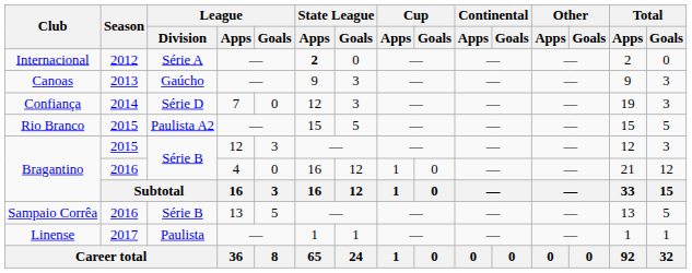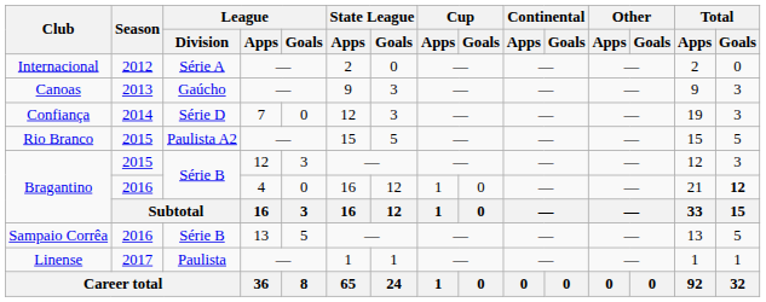 <table class="wikitable" style="text-align: center;">
 <tr>
 <th rowspan="2">Club</th>
 <th rowspan="2">Season</th>
 <th colspan="3">League</th>
 <th colspan="2">State League</th>
 <th colspan="2">Cup</th>
 <th colspan="2">Continental</th>
 <th colspan="2">Other</th>
 <th colspan="2">Total</th>
 </tr>
 <tr>
 <th>Division</th>
 <th>Apps</th>
 <th>Goals</th>
 <th>Apps</th>
 <th>Goals</th>
 <th>Apps</th>
 <th>Goals</th>
 <th>Apps</th>
 <th>Goals</th>
 <th>Apps</th>
 <th>Goals</th>
 <th>Apps</th>
 <th>Goals</th>
 </tr>
 <tr>
 <td align="center"><a href='#'>Internacional</a></td>
 <td><a href='#'>2012</a></td>
 <td><a href='#'>Série A</a></td>
 <td colspan="2">—</td>
-<td><strong>2</strong></td>
+<td>2</td>
 <td>0</td>
 <td colspan="2">—</td>
 <td colspan="2">—</td>
 <td colspan="2">—</td>
 <td>2</td>
 <td>0</td>
 </tr>
 <tr>
 <td align="center"><a href='#'>Canoas</a></td>
 <td><a href='#'>2013</a></td>
 <td><a href='#'>Gaúcho</a></td>
 <td colspan="2">—</td>
 <td>9</td>
 <td>3</td>
 <td colspan="2">—</td>
 <td colspan="2">—</td>
 <td colspan="2">—</td>
 <td>9</td>
 <td>3</td>
 </tr>
 <tr>
 <td align="center"><a href='#'>Confiança</a></td>
 <td><a href='#'>2014</a></td>
 <td><a href='#'>Série D</a></td>
 <td>7</td>
 <td>0</td>
 <td>12</td>
 <td>3</td>
 <td colspan="2">—</td>
 <td colspan="2">—</td>
 <td colspan="2">—</td>
 <td>19</td>
 <td>3</td>
 </tr>
 <tr>
 <td align="center"><a href='#'>Rio Branco</a></td>
 <td><a href='#'>2015</a></td>
 <td><a href='#'>Paulista A2</a></td>
 <td colspan="2">—</td>
 <td>15</td>
 <td>5</td>
 <td colspan="2">—</td>
 <td colspan="2">—</td>
 <td colspan="2">—</td>
 <td>15</td>
 <td>5</td>
 </tr>
 <tr>
 <td rowspan=3 align="center"><a href='#'>Bragantino</a></td>
 <td><a href='#'>2015</a></td>
 <td rowspan=2><a href='#'>Série B</a></td>
 <td>12</td>
 <td>3</td>
 <td colspan="2">—</td>
 <td colspan="2">—</td>
 <td colspan="2">—</td>
 <td colspan="2">—</td>
 <td>12</td>
 <td>3</td>
 </tr>
 <tr>
 <td><a href='#'>2016</a></td>
 <td>4</td>
 <td>0</td>
 <td>16</td>
 <td>12</td>
 <td>1</td>
 <td>0</td>
 <td colspan="2">—</td>
 <td colspan="2">—</td>
 <td>21</td>
-<td>12</td>
+<td><strong>12</strong></td>
 </tr>
 <tr>
 <th colspan="2">Subtotal</th>
 <th>16</th>
 <th>3</th>
 <th>16</th>
 <th>12</th>
 <th>1</th>
 <th>0</th>
 <th colspan="2">—</th>
 <th colspan="2">—</th>
 <th>33</th>
 <th>15</th>
 </tr>
 <tr>
 <td align="center"><a href='#'>Sampaio Corrêa</a></td>
 <td><a href='#'>2016</a></td>
 <td><a href='#'>Série B</a></td>
 <td>13</td>
 <td>5</td>
 <td colspan="2">—</td>
 <td colspan="2">—</td>
 <td colspan="2">—</td>
 <td colspan="2">—</td>
 <td>13</td>
 <td>5</td>
 </tr>
 <tr>
 <td align="center"><a href='#'>Linense</a></td>
 <td><a href='#'>2017</a></td>
 <td><a href='#'>Paulista</a></td>
 <td colspan="2">—</td>
 <td>1</td>
 <td>1</td>
 <td colspan="2">—</td>
 <td colspan="2">—</td>
 <td colspan="2">—</td>
 <td>1</td>
 <td>1</td>
 </tr>
 <tr>
 <th colspan="3"><strong>Career total</strong></th>
 <th>36</th>
 <th>8</th>
 <th>65</th>
 <th>24</th>
 <th>1</th>
 <th>0</th>
 <th>0</th>
 <th>0</th>
 <th>0</th>
 <th>0</th>
 <th>92</th>
 <th>32</th>
 </tr>
 </table>
